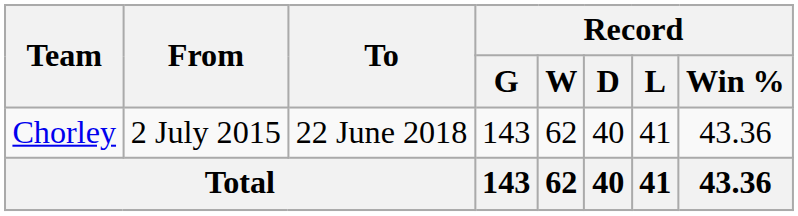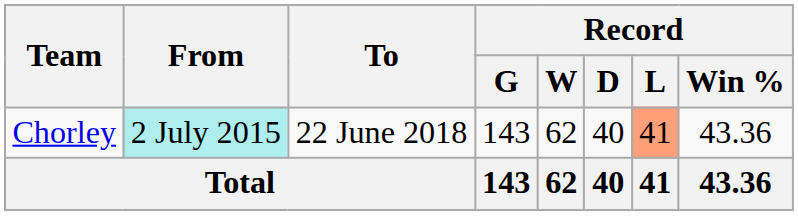 <table class="wikitable" style="text-align: center">
 <tr>
 <th rowspan="2">Team</th>
 <th rowspan="2">From</th>
 <th rowspan="2">To</th>
 <th colspan="5">Record</th>
 </tr>
 <tr>
 <th>G</th>
 <th>W</th>
 <th>D</th>
 <th>L</th>
 <th>Win %</th>
 </tr>
 <tr>
 <td align=left><a href='#'>Chorley</a></td>
-<td align=left>2 July 2015</td>
+<td align=left style="background: paleturquoise;">2 July 2015</td>
 <td align=left>22 June 2018</td>
 <td>143</td>
 <td>62</td>
 <td>40</td>
-<td>41</td>
+<td style="background: lightsalmon;">41</td>
 <td>43.36</td>
 </tr>
 <tr>
 <th colspan="3">Total</th>
 <th>143</th>
 <th>62</th>
 <th>40</th>
 <th>41</th>
 <th>43.36</th>
 </tr>
 </table>
